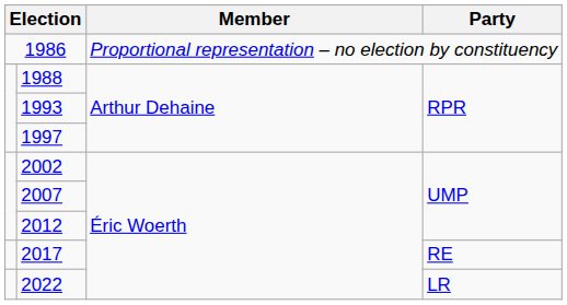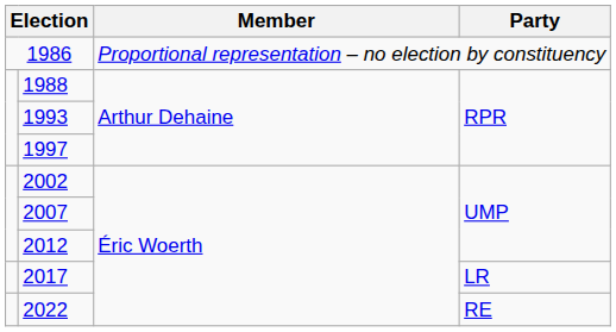 <table class="wikitable">
 <tr>
 <th colspan="2">Election</th>
 <th>Member</th>
 <th>Party</th>
 </tr>
 <tr>
 <td colspan="2" align="center"><a href='#'>1986</a></td>
 <td colspan="2"><em><a href='#'>Proportional representation</a> – no election by constituency</em></td>
 </tr>
 <tr>
 <td rowspan="3" style="background-color: "></td>
 <td><a href='#'>1988</a></td>
 <td rowspan="3"><a href='#'>Arthur Dehaine</a></td>
 <td rowspan="3"><a href='#'>RPR</a></td>
 </tr>
 <tr>
 <td><a href='#'>1993</a></td>
 </tr>
 <tr>
 <td><a href='#'>1997</a></td>
 </tr>
 <tr>
 <td rowspan="3" style="background-color: "></td>
 <td><a href='#'>2002</a></td>
 <td rowspan="5"><a href='#'>Éric Woerth</a></td>
 <td rowspan="3"><a href='#'>UMP</a></td>
 </tr>
 <tr>
 <td><a href='#'>2007</a></td>
 </tr>
 <tr>
 <td><a href='#'>2012</a></td>
 </tr>
 <tr>
 <td style="color:inherit;background-color: "></td>
 <td><a href='#'>2017</a></td>
-<td><a href='#'>RE</a></td>
+<td><a href='#'>LR</a></td>
 </tr>
 <tr>
 <td style="color:inherit;background-color: "></td>
 <td><a href='#'>2022</a></td>
-<td><a href='#'>LR</a></td>
+<td><a href='#'>RE</a></td>
 </tr>
 </table>
